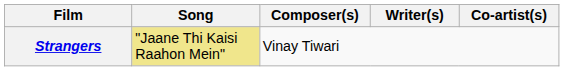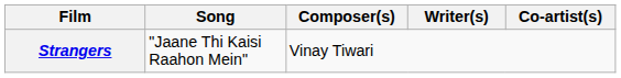 <table class="wikitable plainrowheaders" style="width:100%; textcolor:#000">
 <tr style="background:#b0e0e66;">
 <th scope="col" style="width:23%;"><strong>Film</strong></th>
 <th scope="col" style="width:23%;"><strong>Song</strong></th>
 <th scope="col" style="width:20%;"><strong>Composer(s)</strong></th>
 <th scope="col" style="width:16%;"><strong>Writer(s)</strong></th>
 <th scope="col" style="width:18%;"><strong>Co-artist(s)</strong></th>
 </tr>
 <tr>
 <th><em><a href='#'>Strangers</a></em></th>
-<td style="background: khaki;">"Jaane Thi Kaisi Raahon Mein"</td>
+<td>"Jaane Thi Kaisi Raahon Mein"</td>
 <td colspan=3>Vinay Tiwari</td>
 </tr>
 </table>
